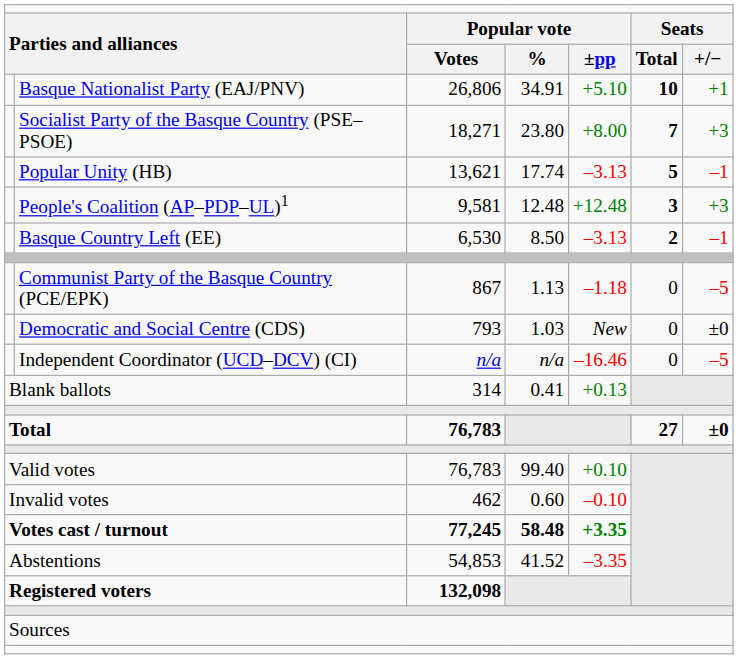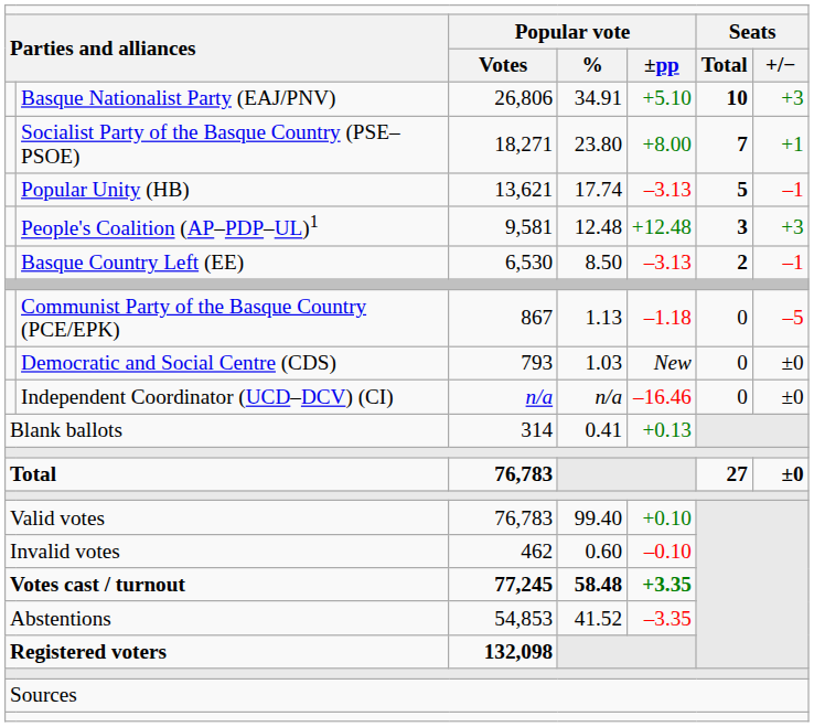 <table class="wikitable" style="text-align:right;">
 <tr>
 <td colspan="7"></td>
 </tr>
 <tr>
 <th style="text-align:left;" rowspan="2" colspan="2" width="525">Parties and alliances</th>
 <th colspan="3">Popular vote</th>
 <th colspan="2">Seats</th>
 </tr>
 <tr>
 <th width="75">Votes</th>
 <th width="45">%</th>
 <th width="45">±<a href='#'>pp</a></th>
 <th width="35">Total</th>
 <th width="35">+/−</th>
 </tr>
 <tr>
 <td width="1" style="color:inherit;background:"></td>
 <td align="left"><a href='#'>Basque Nationalist Party</a> (EAJ/PNV)</td>
 <td>26,806</td>
 <td>34.91</td>
 <td style="color:green;">+5.10</td>
 <td><strong>10</strong></td>
-<td style="color:green;">+1</td>
+<td style="color:green;">+3</td>
 </tr>
 <tr>
 <td style="color:inherit;background:"></td>
 <td align="left"><a href='#'>Socialist Party of the Basque Country</a> (PSE–PSOE)</td>
 <td>18,271</td>
 <td>23.80</td>
 <td style="color:green;">+8.00</td>
 <td><strong>7</strong></td>
-<td style="color:green;">+3</td>
+<td style="color:green;">+1</td>
 </tr>
 <tr>
 <td style="color:inherit;background:"></td>
 <td align="left"><a href='#'>Popular Unity</a> (HB)</td>
 <td>13,621</td>
 <td>17.74</td>
 <td style="color:red;">–3.13</td>
 <td><strong>5</strong></td>
 <td style="color:red;">–1</td>
 </tr>
 <tr>
 <td style="color:inherit;background:"></td>
 <td align="left"><a href='#'>People's Coalition</a> (<a href='#'>AP</a>–<a href='#'>PDP</a>–<a href='#'>UL</a>)<sup>1</sup></td>
 <td>9,581</td>
 <td>12.48</td>
 <td style="color:green;">+12.48</td>
 <td><strong>3</strong></td>
 <td style="color:green;">+3</td>
 </tr>
 <tr>
 <td style="color:inherit;background:"></td>
 <td align="left"><a href='#'>Basque Country Left</a> (EE)</td>
 <td>6,530</td>
 <td>8.50</td>
 <td style="color:red;">–3.13</td>
 <td><strong>2</strong></td>
 <td style="color:red;">–1</td>
 </tr>
 <tr>
 <td colspan="7" bgcolor="#C0C0C0"></td>
 </tr>
 <tr>
 <td style="color:inherit;background:"></td>
 <td align="left"><a href='#'>Communist Party of the Basque Country</a> (PCE/EPK)</td>
 <td>867</td>
 <td>1.13</td>
 <td style="color:red;">–1.18</td>
 <td>0</td>
 <td style="color:red;">–5</td>
 </tr>
 <tr>
 <td style="color:inherit;background:"></td>
 <td align="left"><a href='#'>Democratic and Social Centre</a> (CDS)</td>
 <td>793</td>
 <td>1.03</td>
 <td><em>New</em></td>
 <td>0</td>
 <td>±0</td>
 </tr>
 <tr>
 <td style="color:inherit;background:"></td>
 <td align="left">Independent Coordinator (<a href='#'>UCD</a>–<a href='#'>DCV</a>) (CI)</td>
 <td><em><a href='#'>n/a</a></em></td>
 <td><em>n/a</em></td>
 <td style="color:red;">–16.46</td>
 <td>0</td>
-<td style="color:red;">–5</td>
+<td>±0</td>
 </tr>
 <tr>
 <td align="left" colspan="2">Blank ballots</td>
 <td>314</td>
 <td>0.41</td>
 <td style="color:green;">+0.13</td>
 <td bgcolor="#E9E9E9" colspan="2"></td>
 </tr>
 <tr>
 <td colspan="7" bgcolor="#E9E9E9"></td>
 </tr>
 <tr style="font-weight:bold;">
 <td align="left" colspan="2">Total</td>
 <td>76,783</td>
 <td bgcolor="#E9E9E9" colspan="2"></td>
 <td>27</td>
 <td>±0</td>
 </tr>
 <tr>
 <td colspan="7" bgcolor="#E9E9E9"></td>
 </tr>
 <tr>
 <td align="left" colspan="2">Valid votes</td>
 <td>76,783</td>
 <td>99.40</td>
 <td style="color:green;">+0.10</td>
 <td bgcolor="#E9E9E9" colspan="2" rowspan="5"></td>
 </tr>
 <tr>
 <td align="left" colspan="2">Invalid votes</td>
 <td>462</td>
 <td>0.60</td>
 <td style="color:red;">–0.10</td>
 </tr>
 <tr style="font-weight:bold;">
 <td align="left" colspan="2">Votes cast / turnout</td>
 <td>77,245</td>
 <td>58.48</td>
 <td style="color:green;">+3.35</td>
 </tr>
 <tr>
 <td align="left" colspan="2">Abstentions</td>
 <td>54,853</td>
 <td>41.52</td>
 <td style="color:red;">–3.35</td>
 </tr>
 <tr style="font-weight:bold;">
 <td align="left" colspan="2">Registered voters</td>
 <td>132,098</td>
 <td bgcolor="#E9E9E9" colspan="2"></td>
 </tr>
 <tr>
 <td colspan="7" bgcolor="#E9E9E9"></td>
 </tr>
 <tr>
 <td align="left" colspan="7">Sources</td>
 </tr>
 <tr>
 <td colspan="7" style="text-align:left; max-width:790px;"></td>
 </tr>
 </table>
